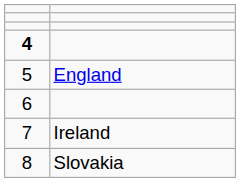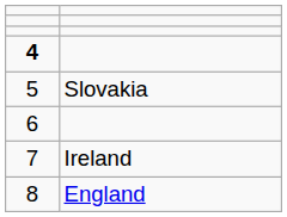 <table class="wikitable" style="width:200px;">
 <tr>
 <td align=center></td>
 <td></td>
 </tr>
 <tr>
 <td align=center></td>
 <td></td>
 </tr>
 <tr>
 <td align=center></td>
 <td></td>
 </tr>
 <tr>
 <td align=center><strong>4</strong></td>
 <td></td>
 </tr>
 <tr>
 <td align=center>5</td>
-<td> <a href='#'>England</a></td>
+<td> Slovakia</td>
 </tr>
 <tr>
 <td align=center>6</td>
 <td></td>
 </tr>
 <tr>
 <td align=center>7</td>
 <td> Ireland</td>
 </tr>
 <tr>
 <td align=center>8</td>
-<td> Slovakia</td>
+<td> <a href='#'>England</a></td>
 </tr>
 </table>
